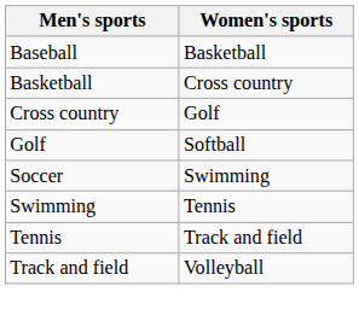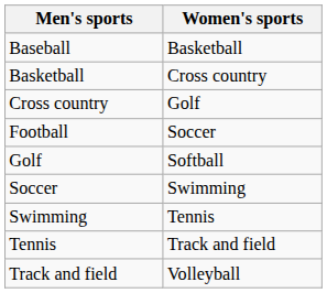 <table class="wikitable"; style= "float:left; clear:left; margin-right:15px">
 <tr>
 <th width=135px>Men's sports</th>
 <th width=135px>Women's sports</th>
 </tr>
 <tr>
 <td>Baseball</td>
 <td>Basketball</td>
 </tr>
 <tr>
 <td>Basketball</td>
 <td>Cross country</td>
 </tr>
 <tr>
 <td>Cross country</td>
 <td>Golf</td>
+</tr>
+<tr>
+<td>Football</td>
+<td>Soccer</td>
 </tr>
 <tr>
 <td>Golf</td>
 <td>Softball</td>
 </tr>
 <tr>
 <td>Soccer</td>
 <td>Swimming</td>
 </tr>
 <tr>
 <td>Swimming</td>
 <td>Tennis</td>
 </tr>
 <tr>
 <td>Tennis</td>
 <td>Track and field</td>
 </tr>
 <tr>
 <td>Track and field</td>
 <td>Volleyball</td>
 </tr>
 </table>
